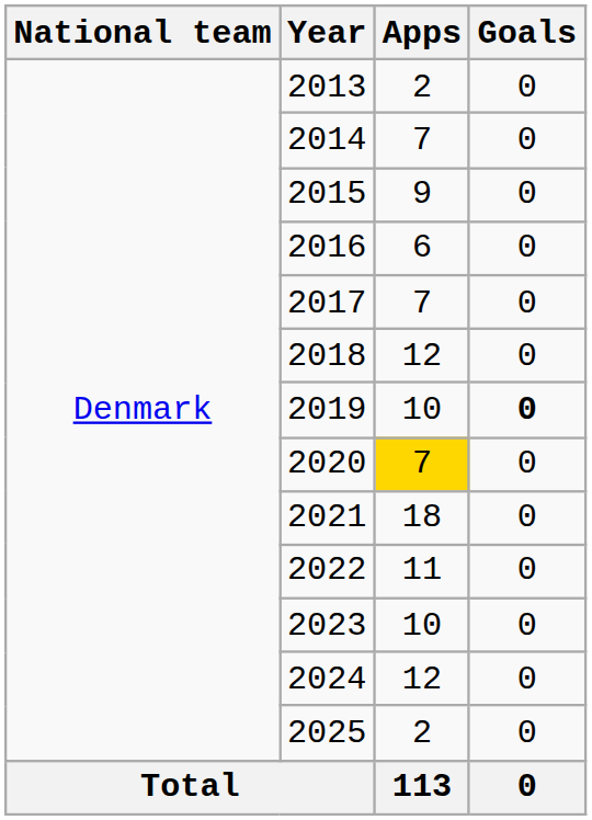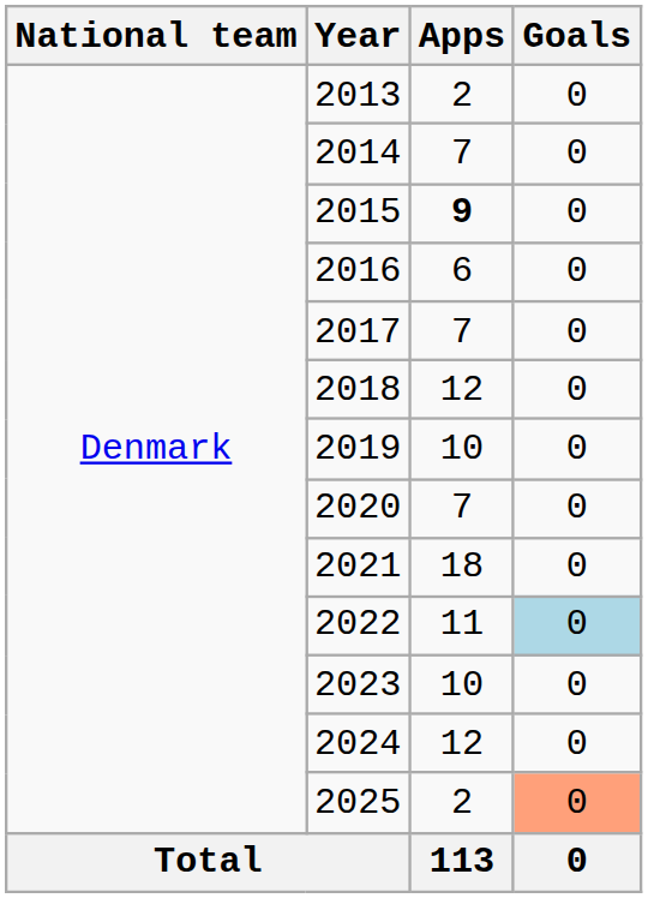 <table class="wikitable" style="text-align: center;">
 <tr>
 <th>National team</th>
 <th>Year</th>
 <th>Apps</th>
 <th>Goals</th>
 </tr>
 <tr>
 <td rowspan=13><a href='#'>Denmark</a></td>
 <td>2013</td>
 <td>2</td>
 <td>0</td>
 </tr>
 <tr>
 <td>2014</td>
 <td>7</td>
 <td>0</td>
 </tr>
 <tr>
 <td>2015</td>
-<td>9</td>
+<td><strong>9</strong></td>
 <td>0</td>
 </tr>
 <tr>
 <td>2016</td>
 <td>6</td>
 <td>0</td>
 </tr>
 <tr>
 <td>2017</td>
 <td>7</td>
 <td>0</td>
 </tr>
 <tr>
 <td>2018</td>
 <td>12</td>
 <td>0</td>
 </tr>
 <tr>
 <td>2019</td>
 <td>10</td>
-<td><strong>0</strong></td>
+<td>0</td>
 </tr>
 <tr>
 <td>2020</td>
-<td style="background: gold;">7</td>
+<td>7</td>
 <td>0</td>
 </tr>
 <tr>
 <td>2021</td>
 <td>18</td>
 <td>0</td>
 </tr>
 <tr>
 <td>2022</td>
 <td>11</td>
-<td>0</td>
+<td style="background: lightblue;">0</td>
 </tr>
 <tr>
 <td>2023</td>
 <td>10</td>
 <td>0</td>
 </tr>
 <tr>
 <td>2024</td>
 <td>12</td>
 <td>0</td>
 </tr>
 <tr>
 <td>2025</td>
 <td>2</td>
-<td>0</td>
+<td style="background: lightsalmon;">0</td>
 </tr>
 <tr>
 <th colspan=2>Total</th>
 <th>113</th>
 <th>0</th>
 </tr>
 </table>
